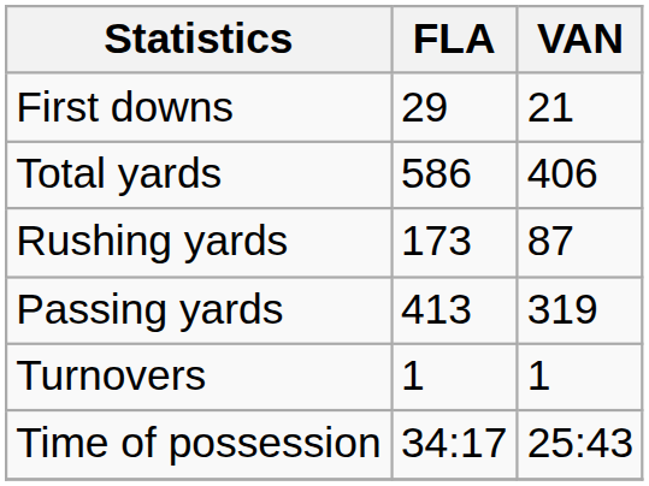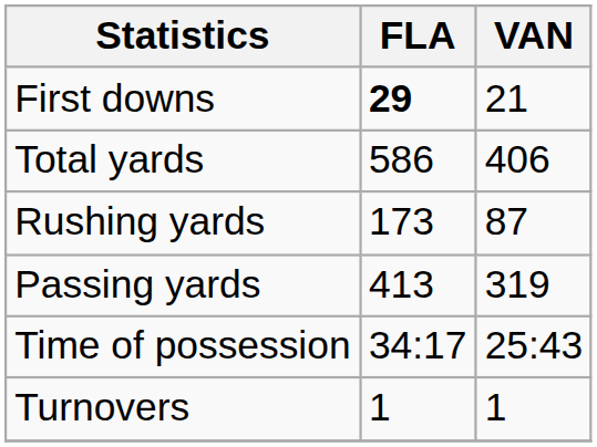 <table class="wikitable">
 <tr>
 <th>Statistics</th>
 <th>FLA</th>
 <th>VAN</th>
 </tr>
 <tr>
 <td>First downs</td>
-<td>29</td>
+<td><strong>29</strong></td>
 <td>21</td>
 </tr>
 <tr>
 <td>Total yards</td>
 <td>586</td>
 <td>406</td>
 </tr>
 <tr>
 <td>Rushing yards</td>
 <td>173</td>
 <td>87</td>
 </tr>
 <tr>
 <td>Passing yards</td>
 <td>413</td>
 <td>319</td>
 </tr>
 <tr>
+<td>Time of possession</td>
+<td>34:17</td>
+<td>25:43</td>
+</tr>
+<tr>
 <td>Turnovers</td>
 <td>1</td>
 <td>1</td>
 </tr>
 <tr>
-<td>Time of possession</td>
-<td>34:17</td>
-<td>25:43</td>
-</tr>
-<tr>
 </tr>
 </table>
